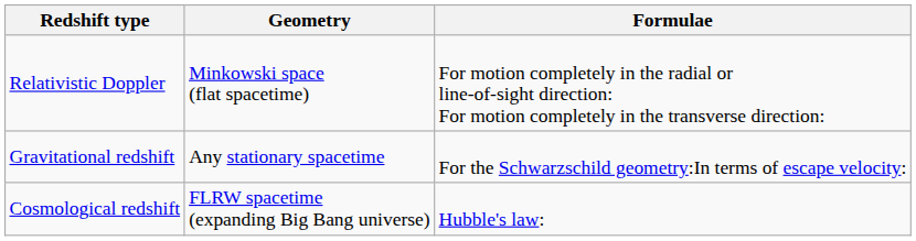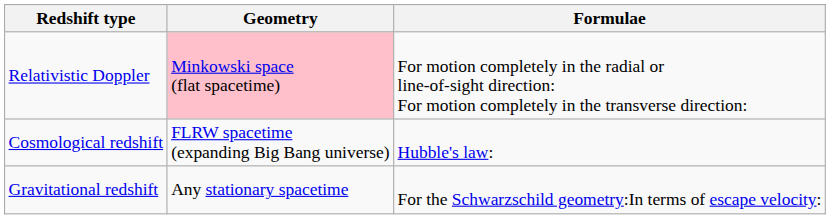 <table class="wikitable" style="max-width:1000px;">
 <tr>
 <th>Redshift type</th>
 <th>Geometry</th>
 <th>Formulae</th>
 </tr>
 <tr>
 <td><a href='#'>Relativistic Doppler</a></td>
-<td><a href='#'>Minkowski space</a><br>(flat spacetime)</td>
+<td style="background: pink;"><a href='#'>Minkowski space</a><br>(flat spacetime)</td>
 <td><br>For motion completely in the radial or<br>line-of-sight direction:<br> For motion completely in the transverse direction:</td>
+</tr>
+<tr>
+<td><a href='#'>Cosmological redshift</a></td>
+<td><a href='#'>FLRW spacetime</a><br>(expanding Big Bang universe)</td>
+<td><br><a href='#'>Hubble's law</a>:</td>
 </tr>
 <tr>
 <td><a href='#'>Gravitational redshift</a></td>
 <td>Any <a href='#'>stationary spacetime</a></td>
 <td><br>For the <a href='#'>Schwarzschild geometry</a>:In terms of <a href='#'>escape velocity</a>:</td>
 </tr>
-<tr>
-<td><a href='#'>Cosmological redshift</a></td>
-<td><a href='#'>FLRW spacetime</a><br>(expanding Big Bang universe)</td>
-<td><br><a href='#'>Hubble's law</a>:</td>
-</tr>
 </table>
